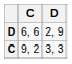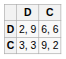 <table class="wikitable">
 <tr>
 <th></th>
+<th>D</th>
 <th>C</th>
-<th>D</th>
 </tr>
 <tr>
 <th>D</th>
+<td>2, 9</td>
 <td>6, 6</td>
-<td>2, 9</td>
 </tr>
 <tr>
 <th>C</th>
+<td>3, 3</td>
 <td>9, 2</td>
-<td>3, 3</td>
 </tr>
 </table>
